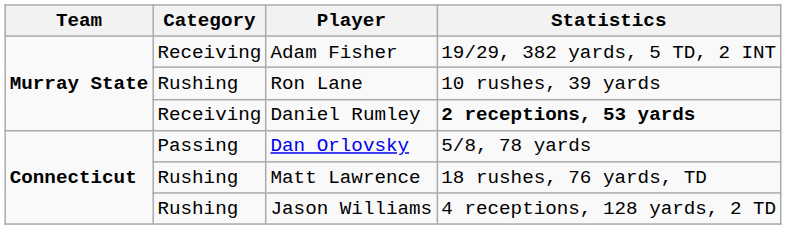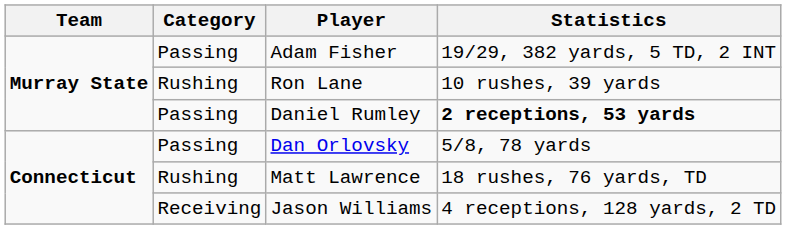 <table class="wikitable" style="float: right;">
 <tr>
 <th>Team</th>
 <th>Category</th>
 <th>Player</th>
 <th>Statistics</th>
 </tr>
 <tr>
 <td rowspan=3><strong>Murray State</strong></td>
-<td>Receiving</td>
+<td>Passing</td>
 <td>Adam Fisher</td>
 <td>19/29, 382 yards, 5 TD, 2 INT</td>
 </tr>
 <tr>
 <td>Rushing</td>
 <td>Ron Lane</td>
 <td>10 rushes, 39 yards</td>
 </tr>
 <tr>
-<td>Receiving</td>
+<td>Passing</td>
 <td>Daniel Rumley</td>
 <td><strong>2 receptions, 53 yards</strong></td>
 </tr>
 <tr>
 <td rowspan=3><strong>Connecticut</strong></td>
 <td>Passing</td>
 <td><a href='#'>Dan Orlovsky</a></td>
 <td>5/8, 78 yards</td>
 </tr>
 <tr>
 <td>Rushing</td>
 <td>Matt Lawrence</td>
 <td>18 rushes, 76 yards, TD</td>
 </tr>
 <tr>
-<td>Rushing</td>
+<td>Receiving</td>
 <td>Jason Williams</td>
 <td>4 receptions, 128 yards, 2 TD</td>
 </tr>
 </table>
